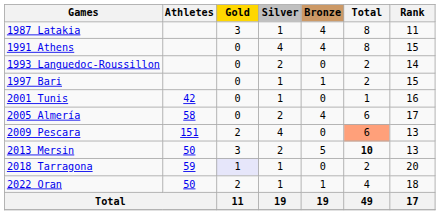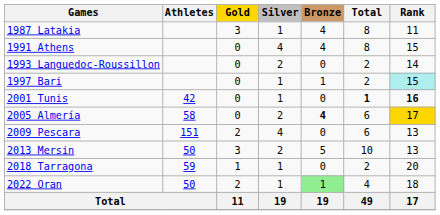 <table class="wikitable" style="text-align:center; font-size:90%;">
 <tr>
 <th>Games</th>
 <th>Athletes</th>
 <td style="background:gold; width:3.7em; font-weight:bold;">Gold</td>
 <td style="background:silver; width:3.7em; font-weight:bold;">Silver</td>
 <td style="background:#cc9966; width:3.7em; font-weight:bold;">Bronze</td>
 <th style="width:4em; font-weight:bold;">Total</th>
 <th style="width:4em; font-weight:bold;">Rank</th>
 </tr>
 <tr>
 <td align=left><a href='#'>1987 Latakia</a></td>
 <td></td>
 <td>3</td>
 <td>1</td>
 <td>4</td>
 <td>8</td>
 <td>11</td>
 </tr>
 <tr>
 <td align=left><a href='#'>1991 Athens</a></td>
 <td></td>
 <td>0</td>
 <td>4</td>
 <td>4</td>
 <td>8</td>
 <td>15</td>
 </tr>
 <tr>
 <td align=left><a href='#'>1993 Languedoc-Roussillon</a></td>
 <td></td>
 <td>0</td>
 <td>2</td>
 <td>0</td>
 <td>2</td>
 <td>14</td>
 </tr>
 <tr>
 <td align=left><a href='#'>1997 Bari</a></td>
 <td></td>
 <td>0</td>
 <td>1</td>
 <td>1</td>
 <td>2</td>
-<td>15</td>
+<td style="background: paleturquoise;">15</td>
 </tr>
 <tr>
 <td align=left><a href='#'>2001 Tunis</a></td>
 <td><a href='#'>42</a></td>
 <td>0</td>
 <td>1</td>
 <td>0</td>
-<td>1</td>
-<td>16</td>
+<td><strong>1</strong></td>
+<td><strong>16</strong></td>
 </tr>
 <tr>
 <td align=left><a href='#'>2005 Almería</a></td>
 <td><a href='#'>58</a></td>
 <td>0</td>
 <td>2</td>
-<td>4</td>
+<td><strong>4</strong></td>
 <td>6</td>
-<td>17</td>
+<td style="background: gold;">17</td>
 </tr>
 <tr>
 <td align=left><a href='#'>2009 Pescara</a></td>
 <td><a href='#'>151</a></td>
 <td>2</td>
 <td>4</td>
 <td>0</td>
-<td style="background: lightsalmon;">6</td>
+<td>6</td>
 <td>13</td>
 </tr>
 <tr>
 <td align=left><a href='#'>2013 Mersin</a></td>
 <td><a href='#'>50</a></td>
 <td>3</td>
 <td>2</td>
 <td>5</td>
-<td><strong>10</strong></td>
+<td>10</td>
 <td>13</td>
 </tr>
 <tr>
 <td align=left><a href='#'>2018 Tarragona</a></td>
 <td><a href='#'>59</a></td>
-<td style="background: lavender;">1</td>
+<td>1</td>
 <td>1</td>
 <td>0</td>
 <td>2</td>
 <td>20</td>
 </tr>
 <tr>
 <td align=left><a href='#'>2022 Oran</a></td>
 <td><a href='#'>50</a></td>
 <td>2</td>
 <td>1</td>
-<td>1</td>
+<td style="background: lightgreen;">1</td>
 <td>4</td>
 <td>18</td>
 </tr>
 <tr>
 <th colspan=2>Total</th>
 <th>11</th>
 <th>19</th>
 <th>19</th>
 <th>49</th>
 <th>17</th>
 </tr>
 <tr class="sortbottom">
 </tr>
 </table>
